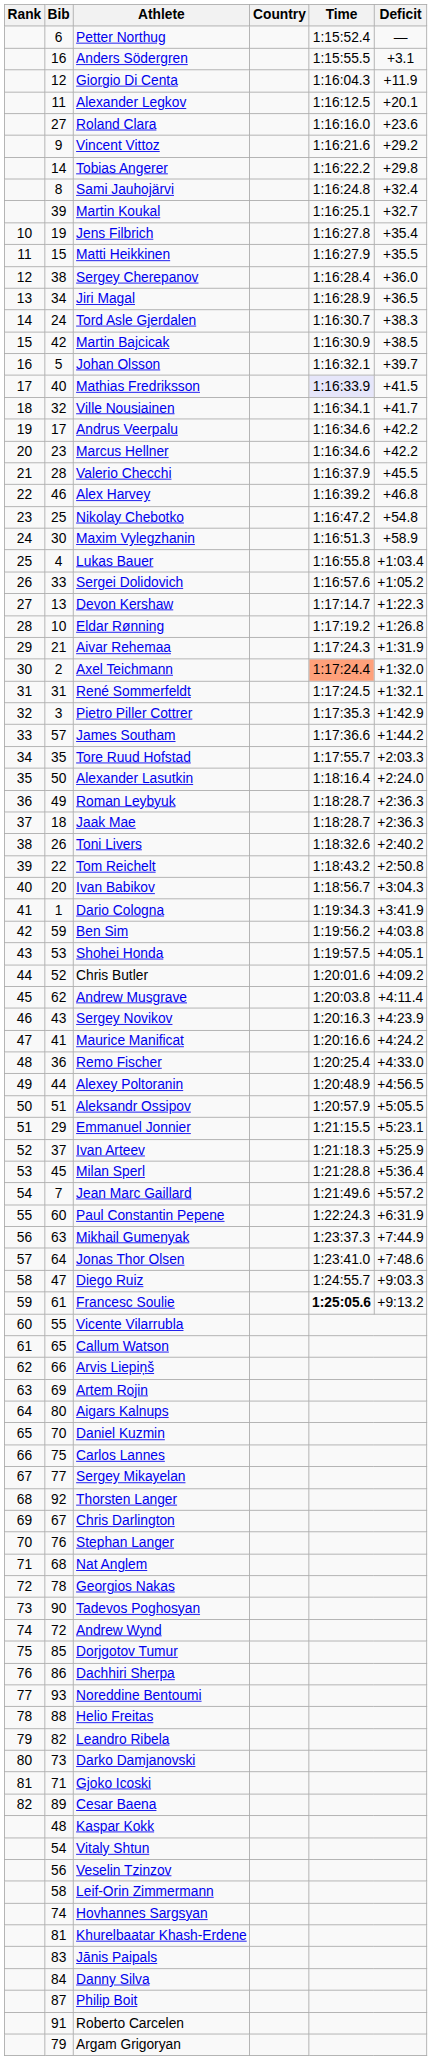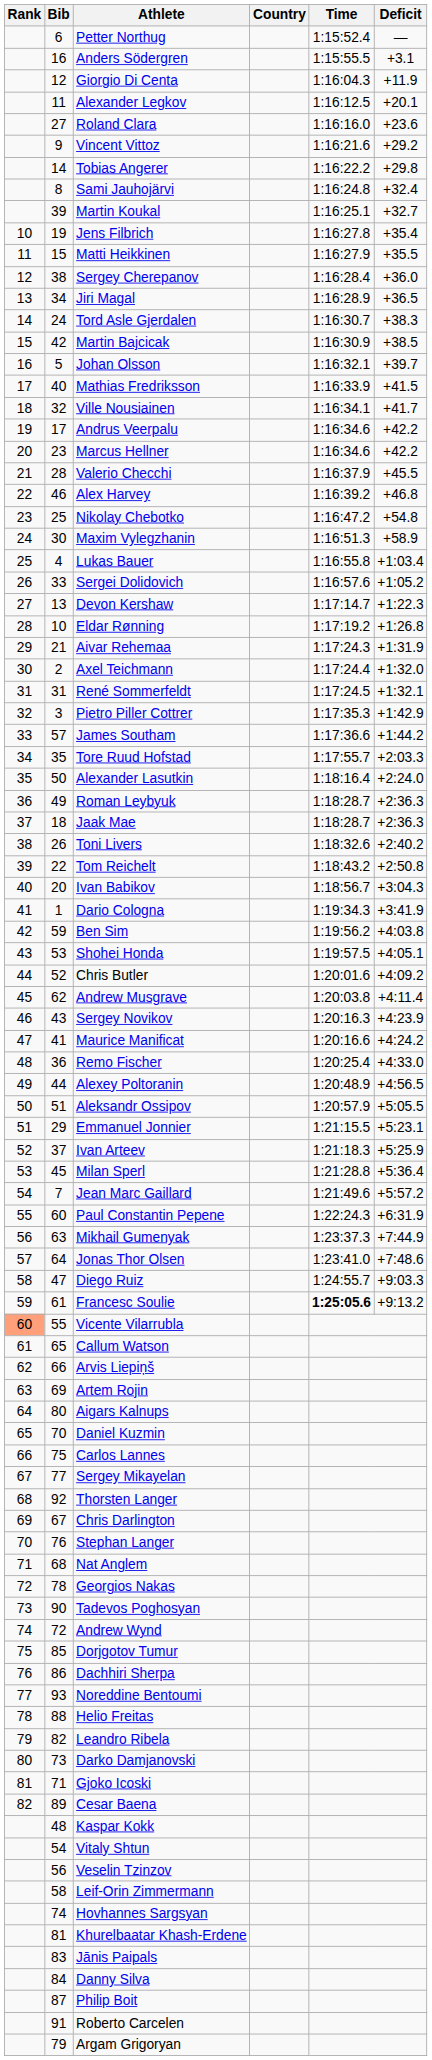 <table class="wikitable sortable" style="text-align:center">
 <tr>
 <th>Rank</th>
 <th>Bib</th>
 <th>Athlete</th>
 <th>Country</th>
 <th>Time</th>
 <th>Deficit</th>
 </tr>
 <tr>
 <td></td>
 <td>6</td>
 <td align=left><a href='#'>Petter Northug</a></td>
 <td align=left></td>
 <td>1:15:52.4</td>
 <td>—</td>
 </tr>
 <tr>
 <td></td>
 <td>16</td>
 <td align=left><a href='#'>Anders Södergren</a></td>
 <td align=left></td>
 <td>1:15:55.5</td>
 <td>+3.1</td>
 </tr>
 <tr>
 <td></td>
 <td>12</td>
 <td align=left><a href='#'>Giorgio Di Centa</a></td>
 <td align=left></td>
 <td>1:16:04.3</td>
 <td>+11.9</td>
 </tr>
 <tr>
 <td></td>
 <td>11</td>
 <td align=left><a href='#'>Alexander Legkov</a></td>
 <td align=left></td>
 <td>1:16:12.5</td>
 <td>+20.1</td>
 </tr>
 <tr>
 <td></td>
 <td>27</td>
 <td align=left><a href='#'>Roland Clara</a></td>
 <td align=left></td>
 <td>1:16:16.0</td>
 <td>+23.6</td>
 </tr>
 <tr>
 <td></td>
 <td>9</td>
 <td align=left><a href='#'>Vincent Vittoz</a></td>
 <td align=left></td>
 <td>1:16:21.6</td>
 <td>+29.2</td>
 </tr>
 <tr>
 <td></td>
 <td>14</td>
 <td align=left><a href='#'>Tobias Angerer</a></td>
 <td align=left></td>
 <td>1:16:22.2</td>
 <td>+29.8</td>
 </tr>
 <tr>
 <td></td>
 <td>8</td>
 <td align=left><a href='#'>Sami Jauhojärvi</a></td>
 <td align=left></td>
 <td>1:16:24.8</td>
 <td>+32.4</td>
 </tr>
 <tr>
 <td></td>
 <td>39</td>
 <td align=left><a href='#'>Martin Koukal</a></td>
 <td align=left></td>
 <td>1:16:25.1</td>
 <td>+32.7</td>
 </tr>
 <tr>
 <td>10</td>
 <td>19</td>
 <td align=left><a href='#'>Jens Filbrich</a></td>
 <td align=left></td>
 <td>1:16:27.8</td>
 <td>+35.4</td>
 </tr>
 <tr>
 <td>11</td>
 <td>15</td>
 <td align=left><a href='#'>Matti Heikkinen</a></td>
 <td align=left></td>
 <td>1:16:27.9</td>
 <td>+35.5</td>
 </tr>
 <tr>
 <td>12</td>
 <td>38</td>
 <td align=left><a href='#'>Sergey Cherepanov</a></td>
 <td align=left></td>
 <td>1:16:28.4</td>
 <td>+36.0</td>
 </tr>
 <tr>
 <td>13</td>
 <td>34</td>
 <td align=left><a href='#'>Jiri Magal</a></td>
 <td align=left></td>
 <td>1:16:28.9</td>
 <td>+36.5</td>
 </tr>
 <tr>
 <td>14</td>
 <td>24</td>
 <td align=left><a href='#'>Tord Asle Gjerdalen</a></td>
 <td align=left></td>
 <td>1:16:30.7</td>
 <td>+38.3</td>
 </tr>
 <tr>
 <td>15</td>
 <td>42</td>
 <td align=left><a href='#'>Martin Bajcicak</a></td>
 <td align=left></td>
 <td>1:16:30.9</td>
 <td>+38.5</td>
 </tr>
 <tr>
 <td>16</td>
 <td>5</td>
 <td align=left><a href='#'>Johan Olsson</a></td>
 <td align=left></td>
 <td>1:16:32.1</td>
 <td>+39.7</td>
 </tr>
 <tr>
 <td>17</td>
 <td>40</td>
 <td align=left><a href='#'>Mathias Fredriksson</a></td>
 <td align=left></td>
-<td style="background: lavender;">1:16:33.9</td>
+<td>1:16:33.9</td>
 <td>+41.5</td>
 </tr>
 <tr>
 <td>18</td>
 <td>32</td>
 <td align=left><a href='#'>Ville Nousiainen</a></td>
 <td align=left></td>
 <td>1:16:34.1</td>
 <td>+41.7</td>
 </tr>
 <tr>
 <td>19</td>
 <td>17</td>
 <td align=left><a href='#'>Andrus Veerpalu</a></td>
 <td align=left></td>
 <td>1:16:34.6</td>
 <td>+42.2</td>
 </tr>
 <tr>
 <td>20</td>
 <td>23</td>
 <td align=left><a href='#'>Marcus Hellner</a></td>
 <td align=left></td>
 <td>1:16:34.6</td>
 <td>+42.2</td>
 </tr>
 <tr>
 <td>21</td>
 <td>28</td>
 <td align=left><a href='#'>Valerio Checchi</a></td>
 <td align=left></td>
 <td>1:16:37.9</td>
 <td>+45.5</td>
 </tr>
 <tr>
 <td>22</td>
 <td>46</td>
 <td align=left><a href='#'>Alex Harvey</a></td>
 <td align=left></td>
 <td>1:16:39.2</td>
 <td>+46.8</td>
 </tr>
 <tr>
 <td>23</td>
 <td>25</td>
 <td align=left><a href='#'>Nikolay Chebotko</a></td>
 <td align=left></td>
 <td>1:16:47.2</td>
 <td>+54.8</td>
 </tr>
 <tr>
 <td>24</td>
 <td>30</td>
 <td align=left><a href='#'>Maxim Vylegzhanin</a></td>
 <td align=left></td>
 <td>1:16:51.3</td>
 <td>+58.9</td>
 </tr>
 <tr>
 <td>25</td>
 <td>4</td>
 <td align=left><a href='#'>Lukas Bauer</a></td>
 <td align=left></td>
 <td>1:16:55.8</td>
 <td>+1:03.4</td>
 </tr>
 <tr>
 <td>26</td>
 <td>33</td>
 <td align=left><a href='#'>Sergei Dolidovich</a></td>
 <td align=left></td>
 <td>1:16:57.6</td>
 <td>+1:05.2</td>
 </tr>
 <tr>
 <td>27</td>
 <td>13</td>
 <td align=left><a href='#'>Devon Kershaw</a></td>
 <td align=left></td>
 <td>1:17:14.7</td>
 <td>+1:22.3</td>
 </tr>
 <tr>
 <td>28</td>
 <td>10</td>
 <td align=left><a href='#'>Eldar Rønning</a></td>
 <td align=left></td>
 <td>1:17:19.2</td>
 <td>+1:26.8</td>
 </tr>
 <tr>
 <td>29</td>
 <td>21</td>
 <td align=left><a href='#'>Aivar Rehemaa</a></td>
 <td align=left></td>
 <td>1:17:24.3</td>
 <td>+1:31.9</td>
 </tr>
 <tr>
 <td>30</td>
 <td>2</td>
 <td align=left><a href='#'>Axel Teichmann</a></td>
 <td align=left></td>
-<td style="background: lightsalmon;">1:17:24.4</td>
+<td>1:17:24.4</td>
 <td>+1:32.0</td>
 </tr>
 <tr>
 <td>31</td>
 <td>31</td>
 <td align=left><a href='#'>René Sommerfeldt</a></td>
 <td align=left></td>
 <td>1:17:24.5</td>
 <td>+1:32.1</td>
 </tr>
 <tr>
 <td>32</td>
 <td>3</td>
 <td align=left><a href='#'>Pietro Piller Cottrer</a></td>
 <td align=left></td>
 <td>1:17:35.3</td>
 <td>+1:42.9</td>
 </tr>
 <tr>
 <td>33</td>
 <td>57</td>
 <td align=left><a href='#'>James Southam</a></td>
 <td align=left></td>
 <td>1:17:36.6</td>
 <td>+1:44.2</td>
 </tr>
 <tr>
 <td>34</td>
 <td>35</td>
 <td align=left><a href='#'>Tore Ruud Hofstad</a></td>
 <td align=left></td>
 <td>1:17:55.7</td>
 <td>+2:03.3</td>
 </tr>
 <tr>
 <td>35</td>
 <td>50</td>
 <td align=left><a href='#'>Alexander Lasutkin</a></td>
 <td align=left></td>
 <td>1:18:16.4</td>
 <td>+2:24.0</td>
 </tr>
 <tr>
 <td>36</td>
 <td>49</td>
 <td align=left><a href='#'>Roman Leybyuk</a></td>
 <td align=left></td>
 <td>1:18:28.7</td>
 <td>+2:36.3</td>
 </tr>
 <tr>
 <td>37</td>
 <td>18</td>
 <td align=left><a href='#'>Jaak Mae</a></td>
 <td align=left></td>
 <td>1:18:28.7</td>
 <td>+2:36.3</td>
 </tr>
 <tr>
 <td>38</td>
 <td>26</td>
 <td align=left><a href='#'>Toni Livers</a></td>
 <td align=left></td>
 <td>1:18:32.6</td>
 <td>+2:40.2</td>
 </tr>
 <tr>
 <td>39</td>
 <td>22</td>
 <td align=left><a href='#'>Tom Reichelt</a></td>
 <td align=left></td>
 <td>1:18:43.2</td>
 <td>+2:50.8</td>
 </tr>
 <tr>
 <td>40</td>
 <td>20</td>
 <td align=left><a href='#'>Ivan Babikov</a></td>
 <td align=left></td>
 <td>1:18:56.7</td>
 <td>+3:04.3</td>
 </tr>
 <tr>
 <td>41</td>
 <td>1</td>
 <td align=left><a href='#'>Dario Cologna</a></td>
 <td align=left></td>
 <td>1:19:34.3</td>
 <td>+3:41.9</td>
 </tr>
 <tr>
 <td>42</td>
 <td>59</td>
 <td align=left><a href='#'>Ben Sim</a></td>
 <td align=left></td>
 <td>1:19:56.2</td>
 <td>+4:03.8</td>
 </tr>
 <tr>
 <td>43</td>
 <td>53</td>
 <td align=left><a href='#'>Shohei Honda</a></td>
 <td align=left></td>
 <td>1:19:57.5</td>
 <td>+4:05.1</td>
 </tr>
 <tr>
 <td>44</td>
 <td>52</td>
 <td align=left>Chris Butler</td>
 <td align=left></td>
 <td>1:20:01.6</td>
 <td>+4:09.2</td>
 </tr>
 <tr>
 <td>45</td>
 <td>62</td>
 <td align=left><a href='#'>Andrew Musgrave</a></td>
 <td align=left></td>
 <td>1:20:03.8</td>
 <td>+4:11.4</td>
 </tr>
 <tr>
 <td>46</td>
 <td>43</td>
 <td align=left><a href='#'>Sergey Novikov</a></td>
 <td align=left></td>
 <td>1:20:16.3</td>
 <td>+4:23.9</td>
 </tr>
 <tr>
 <td>47</td>
 <td>41</td>
 <td align=left><a href='#'>Maurice Manificat</a></td>
 <td align=left></td>
 <td>1:20:16.6</td>
 <td>+4:24.2</td>
 </tr>
 <tr>
 <td>48</td>
 <td>36</td>
 <td align=left><a href='#'>Remo Fischer</a></td>
 <td align=left></td>
 <td>1:20:25.4</td>
 <td>+4:33.0</td>
 </tr>
 <tr>
 <td>49</td>
 <td>44</td>
 <td align=left><a href='#'>Alexey Poltoranin</a></td>
 <td align=left></td>
 <td>1:20:48.9</td>
 <td>+4:56.5</td>
 </tr>
 <tr>
 <td>50</td>
 <td>51</td>
 <td align=left><a href='#'>Aleksandr Ossipov</a></td>
 <td align=left></td>
 <td>1:20:57.9</td>
 <td>+5:05.5</td>
 </tr>
 <tr>
 <td>51</td>
 <td>29</td>
 <td align=left><a href='#'>Emmanuel Jonnier</a></td>
 <td align=left></td>
 <td>1:21:15.5</td>
 <td>+5:23.1</td>
 </tr>
 <tr>
 <td>52</td>
 <td>37</td>
 <td align=left><a href='#'>Ivan Arteev</a></td>
 <td align=left></td>
 <td>1:21:18.3</td>
 <td>+5:25.9</td>
 </tr>
 <tr>
 <td>53</td>
 <td>45</td>
 <td align=left><a href='#'>Milan Sperl</a></td>
 <td align=left></td>
 <td>1:21:28.8</td>
 <td>+5:36.4</td>
 </tr>
 <tr>
 <td>54</td>
 <td>7</td>
 <td align=left><a href='#'>Jean Marc Gaillard</a></td>
 <td align=left></td>
 <td>1:21:49.6</td>
 <td>+5:57.2</td>
 </tr>
 <tr>
 <td>55</td>
 <td>60</td>
 <td align=left><a href='#'>Paul Constantin Pepene</a></td>
 <td align=left></td>
 <td>1:22:24.3</td>
 <td>+6:31.9</td>
 </tr>
 <tr>
 <td>56</td>
 <td>63</td>
 <td align=left><a href='#'>Mikhail Gumenyak</a></td>
 <td align=left></td>
 <td>1:23:37.3</td>
 <td>+7:44.9</td>
 </tr>
 <tr>
 <td>57</td>
 <td>64</td>
 <td align=left><a href='#'>Jonas Thor Olsen</a></td>
 <td align=left></td>
 <td>1:23:41.0</td>
 <td>+7:48.6</td>
 </tr>
 <tr>
 <td>58</td>
 <td>47</td>
 <td align=left><a href='#'>Diego Ruiz</a></td>
 <td align=left></td>
 <td>1:24:55.7</td>
 <td>+9:03.3</td>
 </tr>
 <tr>
 <td>59</td>
 <td>61</td>
 <td align=left><a href='#'>Francesc Soulie</a></td>
 <td align=left></td>
 <td><strong>1:25:05.6</strong></td>
 <td>+9:13.2</td>
 </tr>
 <tr>
-<td>60</td>
+<td style="background: lightsalmon;">60</td>
 <td>55</td>
 <td align=left><a href='#'>Vicente Vilarrubla</a></td>
 <td align=left></td>
 <td colspan="2"></td>
 </tr>
 <tr>
 <td>61</td>
 <td>65</td>
 <td align=left><a href='#'>Callum Watson</a></td>
 <td align=left></td>
 <td colspan="2"></td>
 </tr>
 <tr>
 <td>62</td>
 <td>66</td>
 <td align=left><a href='#'>Arvis Liepiņš</a></td>
 <td align="left"></td>
 <td colspan="2"></td>
 </tr>
 <tr>
 <td>63</td>
 <td>69</td>
 <td align=left><a href='#'>Artem Rojin</a></td>
 <td align=left></td>
 <td colspan="2"></td>
 </tr>
 <tr>
 <td>64</td>
 <td>80</td>
 <td align=left><a href='#'>Aigars Kalnups</a></td>
 <td align=left></td>
 <td colspan="2"></td>
 </tr>
 <tr>
 <td>65</td>
 <td>70</td>
 <td align=left><a href='#'>Daniel Kuzmin</a></td>
 <td align=left></td>
 <td colspan="2"></td>
 </tr>
 <tr>
 <td>66</td>
 <td>75</td>
 <td align=left><a href='#'>Carlos Lannes</a></td>
 <td align=left></td>
 <td colspan="2"></td>
 </tr>
 <tr>
 <td>67</td>
 <td>77</td>
 <td align=left><a href='#'>Sergey Mikayelan</a></td>
 <td align=left></td>
 <td colspan="2"></td>
 </tr>
 <tr>
 <td>68</td>
 <td>92</td>
 <td align=left><a href='#'>Thorsten Langer</a></td>
 <td align=left></td>
 <td colspan="2"></td>
 </tr>
 <tr>
 <td>69</td>
 <td>67</td>
 <td align=left><a href='#'>Chris Darlington</a></td>
 <td align=left></td>
 <td colspan="2"></td>
 </tr>
 <tr>
 <td>70</td>
 <td>76</td>
 <td align=left><a href='#'>Stephan Langer</a></td>
 <td align=left></td>
 <td colspan="2"></td>
 </tr>
 <tr>
 <td>71</td>
 <td>68</td>
 <td align=left><a href='#'>Nat Anglem</a></td>
 <td align=left></td>
 <td colspan="2"></td>
 </tr>
 <tr>
 <td>72</td>
 <td>78</td>
 <td align=left><a href='#'>Georgios Nakas</a></td>
 <td align=left></td>
 <td colspan="2"></td>
 </tr>
 <tr>
 <td>73</td>
 <td>90</td>
 <td align=left><a href='#'>Tadevos Poghosyan</a></td>
 <td align=left></td>
 <td colspan="2"></td>
 </tr>
 <tr>
 <td>74</td>
 <td>72</td>
 <td align=left><a href='#'>Andrew Wynd</a></td>
 <td align=left></td>
 <td colspan="2"></td>
 </tr>
 <tr>
 <td>75</td>
 <td>85</td>
 <td align=left><a href='#'>Dorjgotov Tumur</a></td>
 <td align=left></td>
 <td colspan="2"></td>
 </tr>
 <tr>
 <td>76</td>
 <td>86</td>
 <td align=left><a href='#'>Dachhiri Sherpa</a></td>
 <td align=left></td>
 <td colspan="2"></td>
 </tr>
 <tr>
 <td>77</td>
 <td>93</td>
 <td align=left><a href='#'>Noreddine Bentoumi</a></td>
 <td align=left></td>
 <td colspan="2"></td>
 </tr>
 <tr>
 <td>78</td>
 <td>88</td>
 <td align=left><a href='#'>Helio Freitas</a></td>
 <td align=left></td>
 <td colspan="2"></td>
 </tr>
 <tr>
 <td>79</td>
 <td>82</td>
 <td align=left><a href='#'>Leandro Ribela</a></td>
 <td align=left></td>
 <td colspan="2"></td>
 </tr>
 <tr>
 <td>80</td>
 <td>73</td>
 <td align=left><a href='#'>Darko Damjanovski</a></td>
 <td align=left></td>
 <td colspan="2"></td>
 </tr>
 <tr>
 <td>81</td>
 <td>71</td>
 <td align=left><a href='#'>Gjoko Icoski</a></td>
 <td align=left></td>
 <td colspan="2"></td>
 </tr>
 <tr>
 <td>82</td>
 <td>89</td>
 <td align=left><a href='#'>Cesar Baena</a></td>
 <td align=left></td>
 <td colspan="2"></td>
 </tr>
 <tr>
 <td></td>
 <td>48</td>
 <td align=left><a href='#'>Kaspar Kokk</a></td>
 <td align=left></td>
 <td colspan="2"></td>
 </tr>
 <tr>
 <td></td>
 <td>54</td>
 <td align=left><a href='#'>Vitaly Shtun</a></td>
 <td align=left></td>
 <td colspan="2"></td>
 </tr>
 <tr>
 <td></td>
 <td>56</td>
 <td align=left><a href='#'>Veselin Tzinzov</a></td>
 <td align=left></td>
 <td colspan="2"></td>
 </tr>
 <tr>
 <td></td>
 <td>58</td>
 <td align=left><a href='#'>Leif-Orin Zimmermann</a></td>
 <td align=left></td>
 <td colspan="2"></td>
 </tr>
 <tr>
 <td></td>
 <td>74</td>
 <td align=left><a href='#'>Hovhannes Sargsyan</a></td>
 <td align=left></td>
 <td colspan="2"></td>
 </tr>
 <tr>
 <td></td>
 <td>81</td>
 <td align=left><a href='#'>Khurelbaatar Khash-Erdene</a></td>
 <td align=left></td>
 <td colspan="2"></td>
 </tr>
 <tr>
 <td></td>
 <td>83</td>
 <td align=left><a href='#'>Jānis Paipals</a></td>
 <td align="left"></td>
 <td colspan="2"></td>
 </tr>
 <tr>
 <td></td>
 <td>84</td>
 <td align=left><a href='#'>Danny Silva</a></td>
 <td align=left></td>
 <td colspan="2"></td>
 </tr>
 <tr>
 <td></td>
 <td>87</td>
 <td align=left><a href='#'>Philip Boit</a></td>
 <td align=left></td>
 <td colspan="2"></td>
 </tr>
 <tr>
 <td></td>
 <td>91</td>
 <td align=left>Roberto Carcelen</td>
 <td align=left></td>
 <td colspan="2"></td>
 </tr>
 <tr>
 <td></td>
 <td>79</td>
 <td align=left>Argam Grigoryan</td>
 <td align=left></td>
 <td colspan="2"></td>
 </tr>
 </table>
